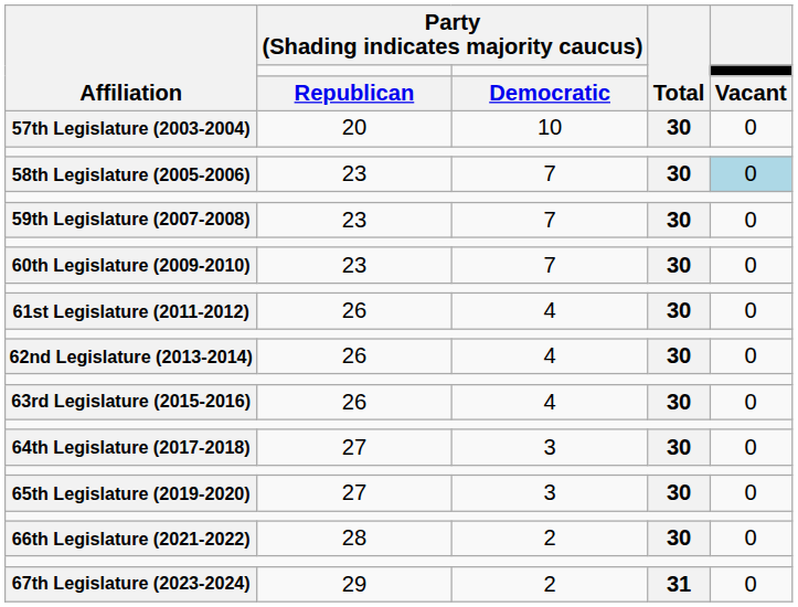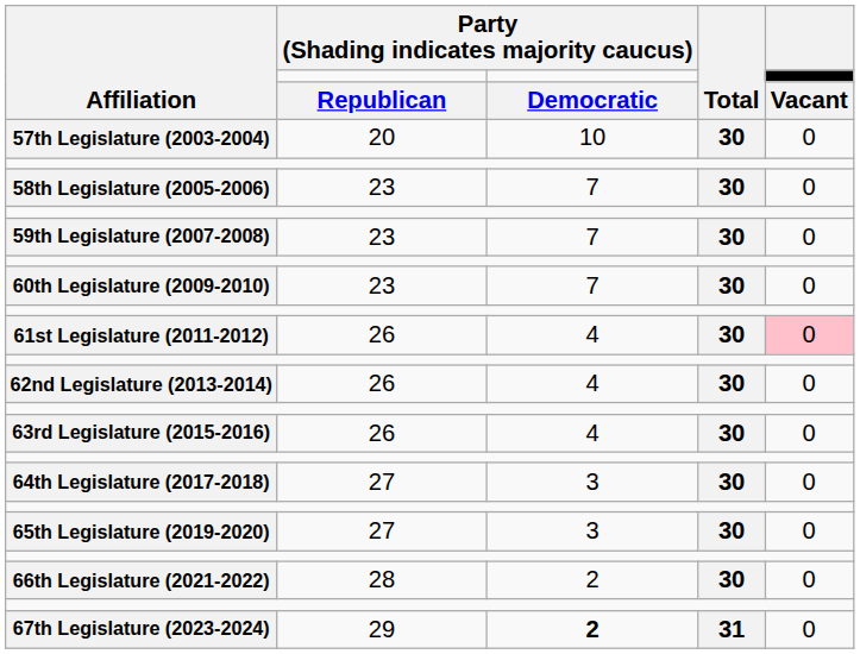 <table class=wikitable style="text-align:center">
 <tr style="vertical-align:bottom;">
 <th rowspan=3>Affiliation</th>
 <th colspan=2>Party <div>(Shading indicates majority caucus)</div></th>
 <th rowspan=3>Total</th>
 <th></th>
 </tr>
 <tr -style="height:5px">
 <td style="background-color:"></td>
 <td style="background-color:"></td>
 <td style="background-color:black"></td>
 </tr>
 <tr>
 <th><a href='#'>Republican</a></th>
 <th><a href='#'>Democratic</a></th>
 <th>Vacant</th>
 </tr>
 <tr>
 <th nowrap style="font-size:80%">57th Legislature (2003-2004)</th>
 <td>20</td>
 <td>10</td>
 <th>30</th>
 <td>0</td>
 </tr>
 <tr>
 <td colspan=5></td>
 </tr>
 <tr>
 <th nowrap style="font-size:80%">58th Legislature (2005-2006)</th>
 <td>23</td>
 <td>7</td>
 <th>30</th>
-<td style="background: lightblue;">0</td>
+<td>0</td>
 </tr>
 <tr>
 <td colspan=5></td>
 </tr>
 <tr>
 <th nowrap style="font-size:80%">59th Legislature (2007-2008)</th>
 <td>23</td>
 <td>7</td>
 <th>30</th>
 <td>0</td>
 </tr>
 <tr>
 <td colspan=5></td>
 </tr>
 <tr>
 <th nowrap style="font-size:80%">60th Legislature (2009-2010)</th>
 <td>23</td>
 <td>7</td>
 <th>30</th>
 <td>0</td>
 </tr>
 <tr>
 <td colspan=5></td>
 </tr>
 <tr>
 <th nowrap style="font-size:80%">61st Legislature (2011-2012)</th>
 <td>26</td>
 <td>4</td>
 <th>30</th>
-<td>0</td>
+<td style="background: pink;">0</td>
 </tr>
 <tr>
 <td colspan=5></td>
 </tr>
 <tr>
 <th nowrap style="font-size:80%">62nd Legislature (2013-2014)</th>
 <td>26</td>
 <td>4</td>
 <th>30</th>
 <td>0</td>
 </tr>
 <tr>
 <td colspan=5></td>
 </tr>
 <tr>
 <th nowrap style="font-size:80%">63rd Legislature (2015-2016)</th>
 <td>26</td>
 <td>4</td>
 <th>30</th>
 <td>0</td>
 </tr>
 <tr>
 <td colspan=5></td>
 </tr>
 <tr>
 <th nowrap style="font-size:80%">64th Legislature (2017-2018)</th>
 <td>27</td>
 <td>3</td>
 <th>30</th>
 <td>0</td>
 </tr>
 <tr>
 <td colspan=5></td>
 </tr>
 <tr>
 <th nowrap style="font-size:80%">65th Legislature (2019-2020)</th>
 <td>27</td>
 <td>3</td>
 <th>30</th>
 <td>0</td>
 </tr>
 <tr>
 <td colspan=5></td>
 </tr>
 <tr>
 <th nowrap style="font-size:80%">66th Legislature (2021-2022)</th>
 <td>28</td>
 <td>2</td>
 <th>30</th>
 <td>0</td>
 </tr>
 <tr>
 <td colspan=5></td>
 </tr>
 <tr>
 <th nowrap style="font-size:80%">67th Legislature (2023-2024)</th>
 <td>29</td>
-<td>2</td>
+<td><strong>2</strong></td>
 <th>31</th>
 <td>0</td>
 </tr>
 </table>
